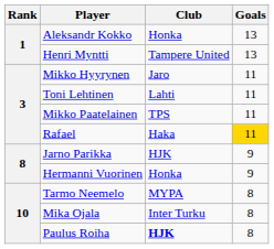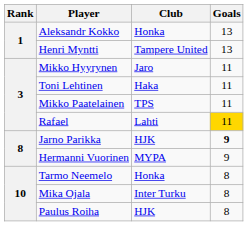 <table class="wikitable" style="text-align:center">
 <tr>
 <th>Rank</th>
 <th>Player</th>
 <th>Club</th>
 <th>Goals</th>
 </tr>
 <tr>
 <th rowspan="2">1</th>
 <td align="left"> <a href='#'>Aleksandr Kokko</a></td>
 <td align="left"><a href='#'>Honka</a></td>
 <td>13</td>
 </tr>
 <tr>
 <td align="left"> <a href='#'>Henri Myntti</a></td>
 <td align="left"><a href='#'>Tampere United</a></td>
 <td>13</td>
 </tr>
 <tr>
 <th rowspan="4">3</th>
 <td align="left"> <a href='#'>Mikko Hyyrynen</a></td>
 <td align="left"><a href='#'>Jaro</a></td>
 <td>11</td>
 </tr>
 <tr>
 <td align="left"> <a href='#'>Toni Lehtinen</a></td>
-<td align="left"><a href='#'>Lahti</a></td>
+<td align="left"><a href='#'>Haka</a></td>
 <td>11</td>
 </tr>
 <tr>
 <td align="left"> <a href='#'>Mikko Paatelainen</a></td>
 <td align="left"><a href='#'>TPS</a></td>
 <td>11</td>
 </tr>
 <tr>
 <td align="left"> <a href='#'>Rafael</a></td>
-<td align="left"><a href='#'>Haka</a></td>
+<td align="left"><a href='#'>Lahti</a></td>
 <td style="background: gold;">11</td>
 </tr>
 <tr>
 <th rowspan="2">8</th>
 <td align="left"> <a href='#'>Jarno Parikka</a></td>
 <td align="left"><a href='#'>HJK</a></td>
-<td>9</td>
+<td><strong>9</strong></td>
 </tr>
 <tr>
 <td align="left"> <a href='#'>Hermanni Vuorinen</a></td>
-<td align="left"><a href='#'>Honka</a></td>
+<td align="left"><a href='#'>MYPA</a></td>
 <td>9</td>
 </tr>
 <tr>
 <th rowspan="3">10</th>
 <td align="left"> <a href='#'>Tarmo Neemelo</a></td>
-<td align="left"><a href='#'>MYPA</a></td>
+<td align="left"><a href='#'>Honka</a></td>
 <td>8</td>
 </tr>
 <tr>
 <td align="left"> <a href='#'>Mika Ojala</a></td>
 <td align="left"><a href='#'>Inter Turku</a></td>
 <td>8</td>
 </tr>
 <tr>
 <td align="left"> <a href='#'>Paulus Roiha</a></td>
-<td align="left"><strong><a href='#'>HJK</a></strong></td>
+<td align="left"><a href='#'>HJK</a></td>
 <td>8</td>
 </tr>
 </table>
